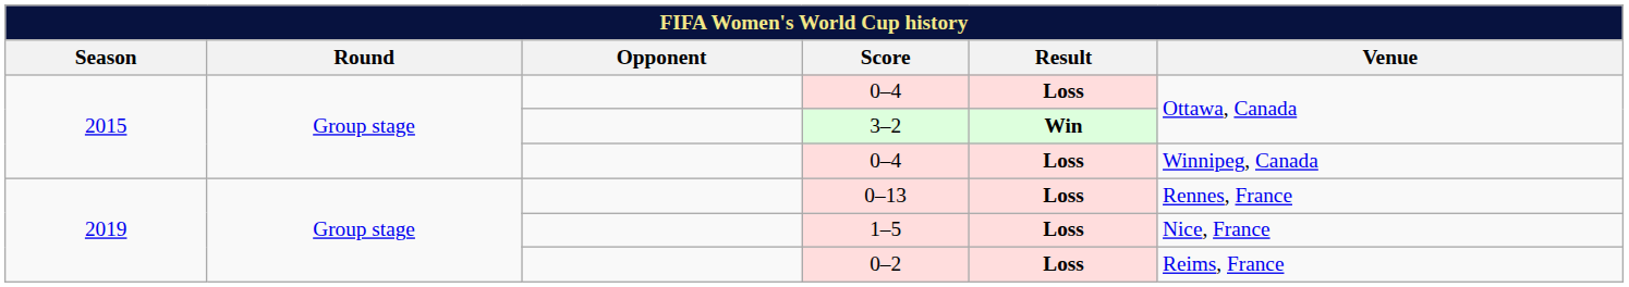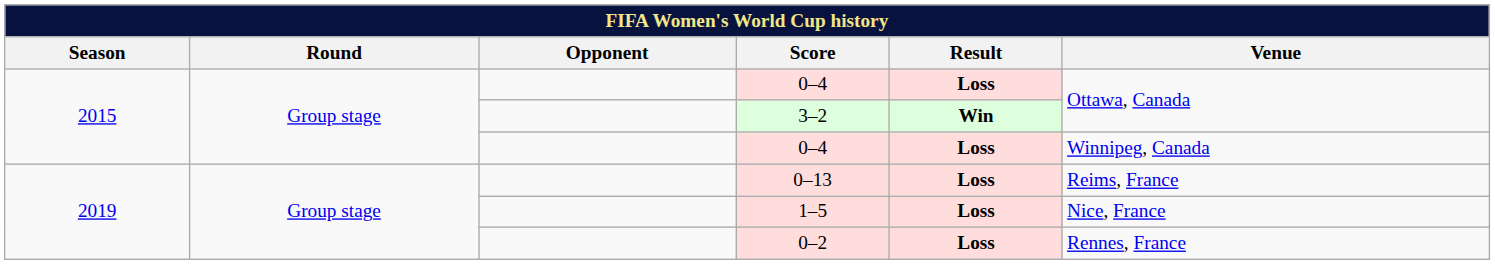 <table class="wikitable collapsible collapsed" style="text-align:center; font-size:90%; width:70%;">
 <tr>
 <th colspan="6" style="background: #07123F; color: #F1E788;">FIFA Women's World Cup history</th>
 </tr>
 <tr>
 <th>Season</th>
 <th>Round</th>
 <th>Opponent</th>
 <th>Score</th>
 <th>Result</th>
 <th>Venue</th>
 </tr>
 <tr>
 <td rowspan="3"><a href='#'>2015</a></td>
 <td rowspan="3"><a href='#'>Group stage</a></td>
 <td style="text-align:left"></td>
 <td style="background:#fdd;">0–4</td>
 <td style="background:#fdd"><strong>Loss</strong></td>
 <td style="text-align: left;" rowspan="2"> <a href='#'>Ottawa</a>, <a href='#'>Canada</a></td>
 </tr>
 <tr>
 <td style="text-align:left"></td>
 <td style="background:#dfd;">3–2</td>
 <td style="background:#dfd"><strong>Win</strong></td>
 </tr>
 <tr>
 <td style="text-align:left"></td>
 <td style="background:#fdd;">0–4</td>
 <td style="background:#fdd"><strong>Loss</strong></td>
 <td style="text-align: left;" rowspan="1"> <a href='#'>Winnipeg</a>, <a href='#'>Canada</a></td>
 </tr>
 <tr>
 <td rowspan="3"><a href='#'>2019</a></td>
 <td rowspan="3"><a href='#'>Group stage</a></td>
 <td style="text-align:left"></td>
 <td style="background:#fdd;">0–13</td>
 <td style="background:#fdd"><strong>Loss</strong></td>
-<td style="text-align: left;" rowspan=1> <a href='#'>Rennes</a>, <a href='#'>France</a></td>
+<td style="text-align: left;" rowspan="1"> <a href='#'>Reims</a>, <a href='#'>France</a></td>
 </tr>
 <tr>
 <td style="text-align:left"></td>
 <td style="background:#fdd;">1–5</td>
 <td style="background:#fdd"><strong>Loss</strong></td>
 <td style="text-align: left;" rowspan=1> <a href='#'>Nice</a>, <a href='#'>France</a></td>
 </tr>
 <tr>
 <td style="text-align:left"></td>
 <td style="background:#fdd;">0–2</td>
 <td style="background:#fdd"><strong>Loss</strong></td>
-<td style="text-align: left;" rowspan="1"> <a href='#'>Reims</a>, <a href='#'>France</a></td>
+<td style="text-align: left;" rowspan=1> <a href='#'>Rennes</a>, <a href='#'>France</a></td>
 </tr>
 </table>
